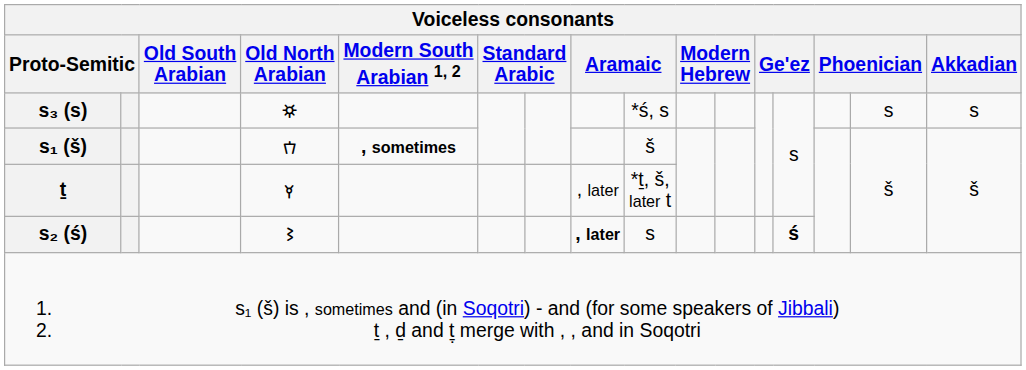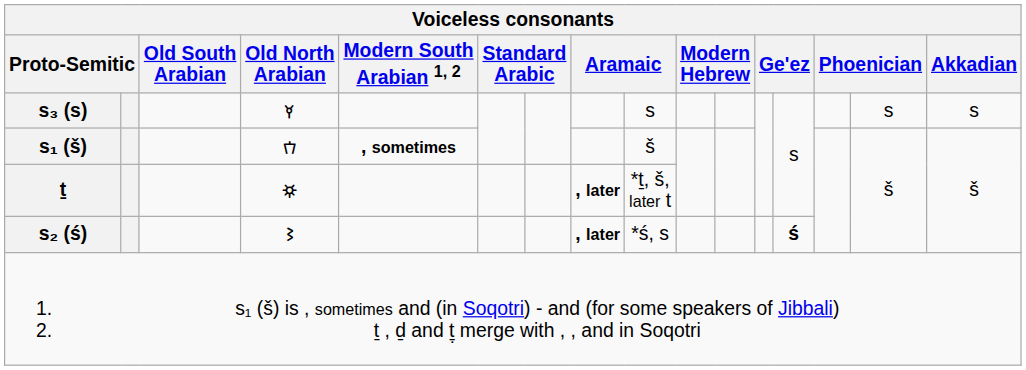 <table class="wikitable" style="text-align:center;">
 <tr>
 <th colspan="16">Voiceless consonants</th>
 </tr>
 <tr>
 <th colspan="2">Proto-Semitic</th>
 <th><a href='#'>Old South<br>Arabian</a></th>
 <th><a href='#'>Old North<br>Arabian</a></th>
 <th><a href='#'>Modern South<br>Arabian</a> <sup>1, 2</sup></th>
 <th colspan="2"><a href='#'>Standard<br>Arabic</a></th>
 <th colspan="2"><a href='#'>Aramaic</a></th>
 <th colspan="2"><a href='#'>Modern<br>Hebrew</a></th>
 <th colspan="2"><a href='#'>Ge'ez</a></th>
 <th colspan="2"><a href='#'>Phoenician</a></th>
 <th><a href='#'>Akkadian</a></th>
 </tr>
 <tr>
 <th>s₃ (s)</th>
 <th></th>
 <td></td>
-<td>𐪏</td>
+<td>𐪛</td>
 <td></td>
 <td rowspan="2"><big></big></td>
 <td rowspan="2"></td>
 <td></td>
-<td>*ś, s</td>
+<td>s</td>
 <td></td>
 <td></td>
 <td rowspan="3"></td>
 <td rowspan="3">s</td>
 <td></td>
 <td>s</td>
 <td>s</td>
 </tr>
 <tr>
 <th>s₁ (š)</th>
 <th></th>
 <td></td>
 <td>𐪊</td>
 <td><strong>, <small>sometimes</small> </strong></td>
 <td></td>
 <td>š</td>
 <td rowspan="2"></td>
 <td rowspan="2"></td>
 <td rowspan="3"></td>
 <td rowspan="3">š</td>
 <td rowspan="3">š</td>
 </tr>
 <tr>
 <th>ṯ</th>
 <th></th>
 <td></td>
-<td>𐪛</td>
+<td>𐪏</td>
 <td></td>
 <td><big></big></td>
 <td></td>
-<td>, <small>later</small> </td>
+<td><strong>, <small>later</small> </strong></td>
 <td>*ṯ, š,<br><small>later</small> t</td>
 </tr>
 <tr>
 <th>s₂ (ś)</th>
 <th></th>
 <td></td>
 <td>𐪆</td>
 <td></td>
 <td><big></big></td>
 <td></td>
 <td><strong>, <small>later</small> </strong></td>
-<td>s</td>
+<td>*ś, s</td>
 <td></td>
 <td></td>
 <td></td>
 <td><strong>ś</strong></td>
 </tr>
 <tr>
 <td colspan="16"><br><ol><li>s₁ (š) is , <small>sometimes</small>  and  (in <a href='#'>Soqotri</a>) -  and  (for some speakers of <a href='#'>Jibbali</a>)</li><li>ṯ , ḏ  and ṯ̣  merge with , , and  in Soqotri</li></ol></td>
 </tr>
 </table>
